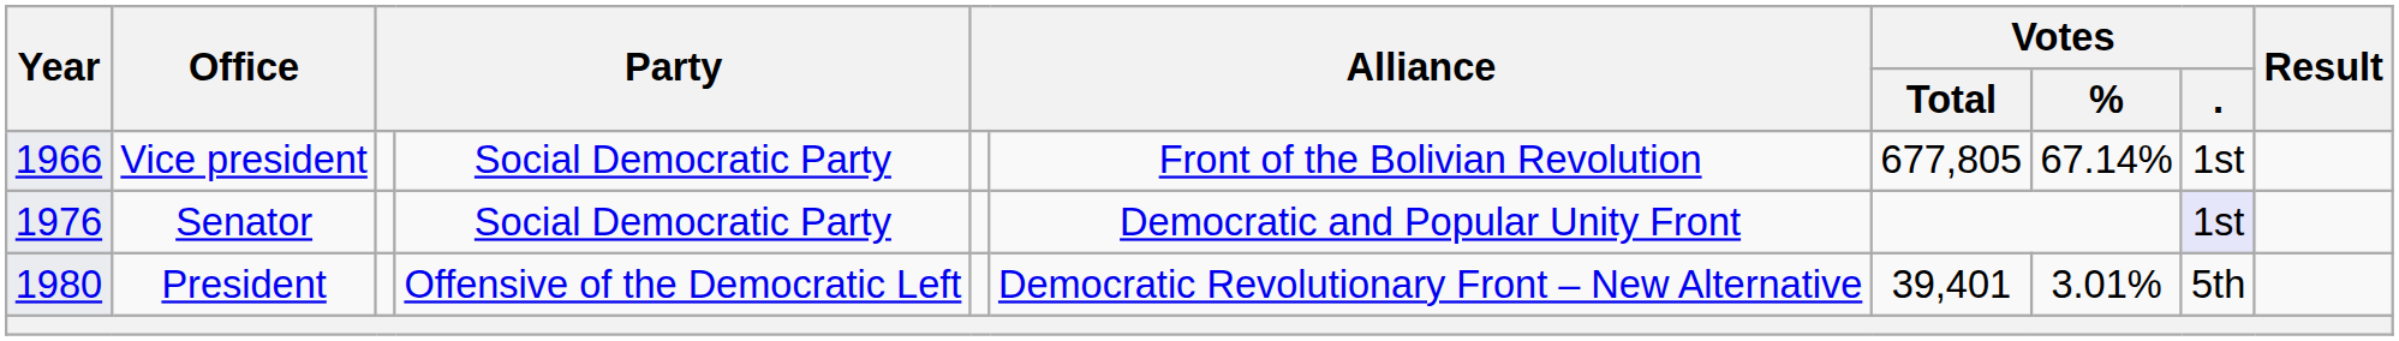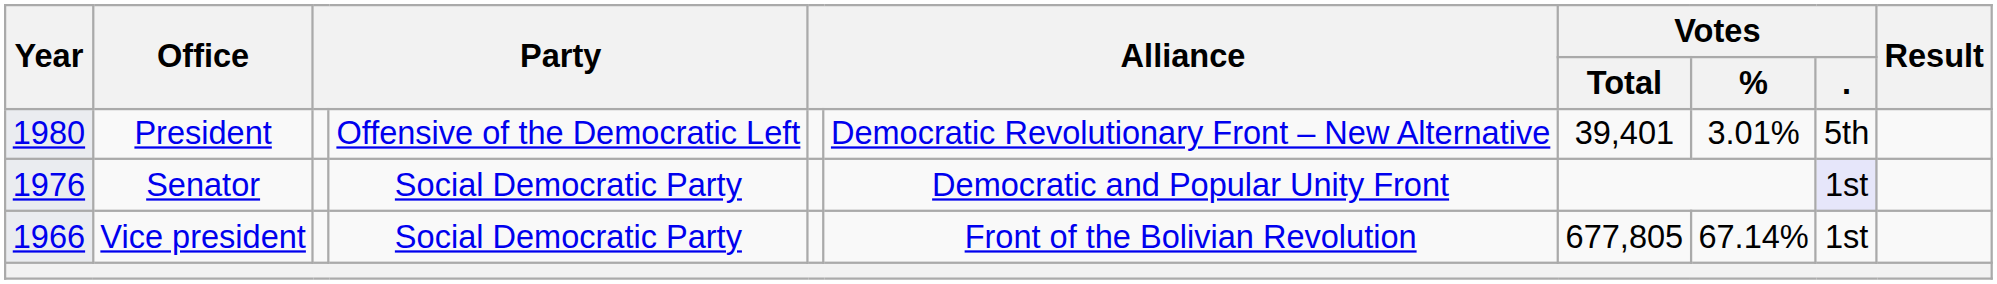 <table class="wikitable" style="font-size:90%; text-align:center;">
 <tr>
 <th rowspan=2>Year</th>
 <th rowspan=2>Office</th>
 <th colspan=2 rowspan=2>Party</th>
 <th colspan=2 rowspan=2>Alliance</th>
 <th colspan=3>Votes</th>
 <th rowspan=2>Result</th>
 </tr>
 <tr>
 <th>Total</th>
 <th>%</th>
 <th>.</th>
 </tr>
 <tr>
-<td style="background-color:#EAECF0;"><a href='#'>1966</a></td>
-<td><a href='#'>Vice president</a></td>
+<td style="background-color:#EAECF0;"><a href='#'>1980</a></td>
+<td><a href='#'>President</a></td>
 <td style="background-color:"></td>
-<td><a href='#'>Social Democratic Party</a></td>
+<td><a href='#'>Offensive of the Democratic Left</a></td>
 <td style="background-color:"></td>
-<td><a href='#'>Front of the Bolivian Revolution</a></td>
-<td>677,805</td>
-<td>67.14%</td>
-<td>1st</td>
+<td><a href='#'>Democratic Revolutionary Front – New Alternative</a></td>
+<td>39,401</td>
+<td>3.01%</td>
+<td>5th</td>
 <td></td>
 </tr>
 <tr>
 <td style="background-color:#EAECF0;"><a href='#'>1976</a></td>
 <td><a href='#'>Senator</a></td>
 <td style="background-color:"></td>
 <td><a href='#'>Social Democratic Party</a></td>
 <td style="background-color:"></td>
 <td><a href='#'>Democratic and Popular Unity Front</a></td>
 <td colspan=2></td>
 <td style="background: lavender;">1st</td>
 <td></td>
 </tr>
 <tr>
-<td style="background-color:#EAECF0;"><a href='#'>1980</a></td>
-<td><a href='#'>President</a></td>
+<td style="background-color:#EAECF0;"><a href='#'>1966</a></td>
+<td><a href='#'>Vice president</a></td>
 <td style="background-color:"></td>
-<td><a href='#'>Offensive of the Democratic Left</a></td>
+<td><a href='#'>Social Democratic Party</a></td>
 <td style="background-color:"></td>
-<td><a href='#'>Democratic Revolutionary Front – New Alternative</a></td>
-<td>39,401</td>
-<td>3.01%</td>
-<td>5th</td>
+<td><a href='#'>Front of the Bolivian Revolution</a></td>
+<td>677,805</td>
+<td>67.14%</td>
+<td>1st</td>
 <td></td>
 </tr>
 <tr>
 <th colspan=10></th>
 </tr>
 </table>
